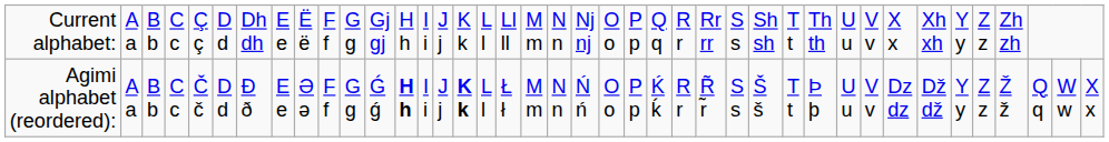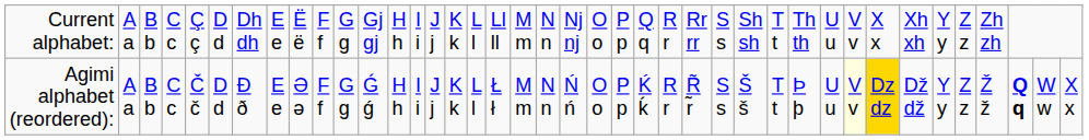 <table class="wikitable">
 <tr>
 <td align="right">Current alphabet:</td>
 <td><a href='#'>A</a> a</td>
 <td><a href='#'>B</a> b</td>
 <td><a href='#'>C</a> c</td>
 <td><a href='#'>Ç</a> ç</td>
 <td><a href='#'>D</a> d</td>
 <td><a href='#'>Dh dh</a></td>
 <td><a href='#'>E</a> e</td>
 <td><a href='#'>Ë</a> ë</td>
 <td><a href='#'>F</a> f</td>
 <td><a href='#'>G</a> g</td>
 <td><a href='#'>Gj gj</a></td>
 <td><a href='#'>H</a> h</td>
 <td><a href='#'>I</a> i</td>
 <td><a href='#'>J</a> j</td>
 <td><a href='#'>K</a> k</td>
 <td><a href='#'>L</a> l</td>
 <td><a href='#'>Ll</a> ll</td>
 <td><a href='#'>M</a> m</td>
 <td><a href='#'>N</a> n</td>
 <td><a href='#'>Nj nj</a></td>
 <td><a href='#'>O</a> o</td>
 <td><a href='#'>P</a> p</td>
 <td><a href='#'>Q</a> q</td>
 <td><a href='#'>R</a> r</td>
 <td><a href='#'>Rr rr</a></td>
 <td><a href='#'>S</a> s</td>
 <td><a href='#'>Sh sh</a></td>
 <td><a href='#'>T</a> t</td>
 <td><a href='#'>Th th</a></td>
 <td><a href='#'>U</a> u</td>
 <td><a href='#'>V</a> v</td>
 <td><a href='#'>X</a> x</td>
 <td><a href='#'>Xh xh</a></td>
 <td><a href='#'>Y</a> y</td>
 <td><a href='#'>Z</a> z</td>
 <td><a href='#'>Zh zh</a></td>
 </tr>
 <tr>
 <td align="right">Agimi alphabet (reordered):</td>
 <td><a href='#'>A</a> a</td>
 <td><a href='#'>B</a> b</td>
 <td><a href='#'>C</a> c</td>
 <td><a href='#'>Č</a> č</td>
 <td><a href='#'>D</a> d</td>
 <td><a href='#'>Ð</a> ð</td>
 <td><a href='#'>E</a> e</td>
 <td><a href='#'>Ə</a> ə</td>
 <td><a href='#'>F</a> f</td>
 <td><a href='#'>G</a> g</td>
 <td><a href='#'>Ǵ</a> ǵ</td>
-<td><strong><a href='#'>H</a> h</strong></td>
+<td><a href='#'>H</a> h</td>
 <td><a href='#'>I</a> i</td>
 <td><a href='#'>J</a> j</td>
-<td><strong><a href='#'>K</a> k</strong></td>
+<td><a href='#'>K</a> k</td>
 <td><a href='#'>L</a> l</td>
 <td><a href='#'>Ł</a> ł</td>
 <td><a href='#'>M</a> m</td>
 <td><a href='#'>N</a> n</td>
 <td><a href='#'>Ń</a> ń</td>
 <td><a href='#'>O</a> o</td>
 <td><a href='#'>P</a> p</td>
 <td><a href='#'>Ḱ</a> ḱ</td>
 <td><a href='#'>R</a> r</td>
 <td><a href='#'>R̃</a> r̃</td>
 <td><a href='#'>S</a> s</td>
 <td><a href='#'>Š</a> š</td>
 <td><a href='#'>T</a> t</td>
 <td><a href='#'>Þ</a> þ</td>
 <td><a href='#'>U</a> u</td>
-<td><a href='#'>V</a> v</td>
-<td><a href='#'>Dz dz</a></td>
+<td style="background: lightyellow;"><a href='#'>V</a> v</td>
+<td style="background: gold;"><a href='#'>Dz dz</a></td>
 <td><a href='#'>Dž dž</a></td>
 <td><a href='#'>Y</a> y</td>
 <td><a href='#'>Z</a> z</td>
 <td><a href='#'>Ž</a> ž</td>
-<td><a href='#'>Q</a> q</td>
+<td><strong><a href='#'>Q</a> q</strong></td>
 <td><a href='#'>W</a> w</td>
 <td><a href='#'>X</a> x</td>
 </tr>
 </table>
